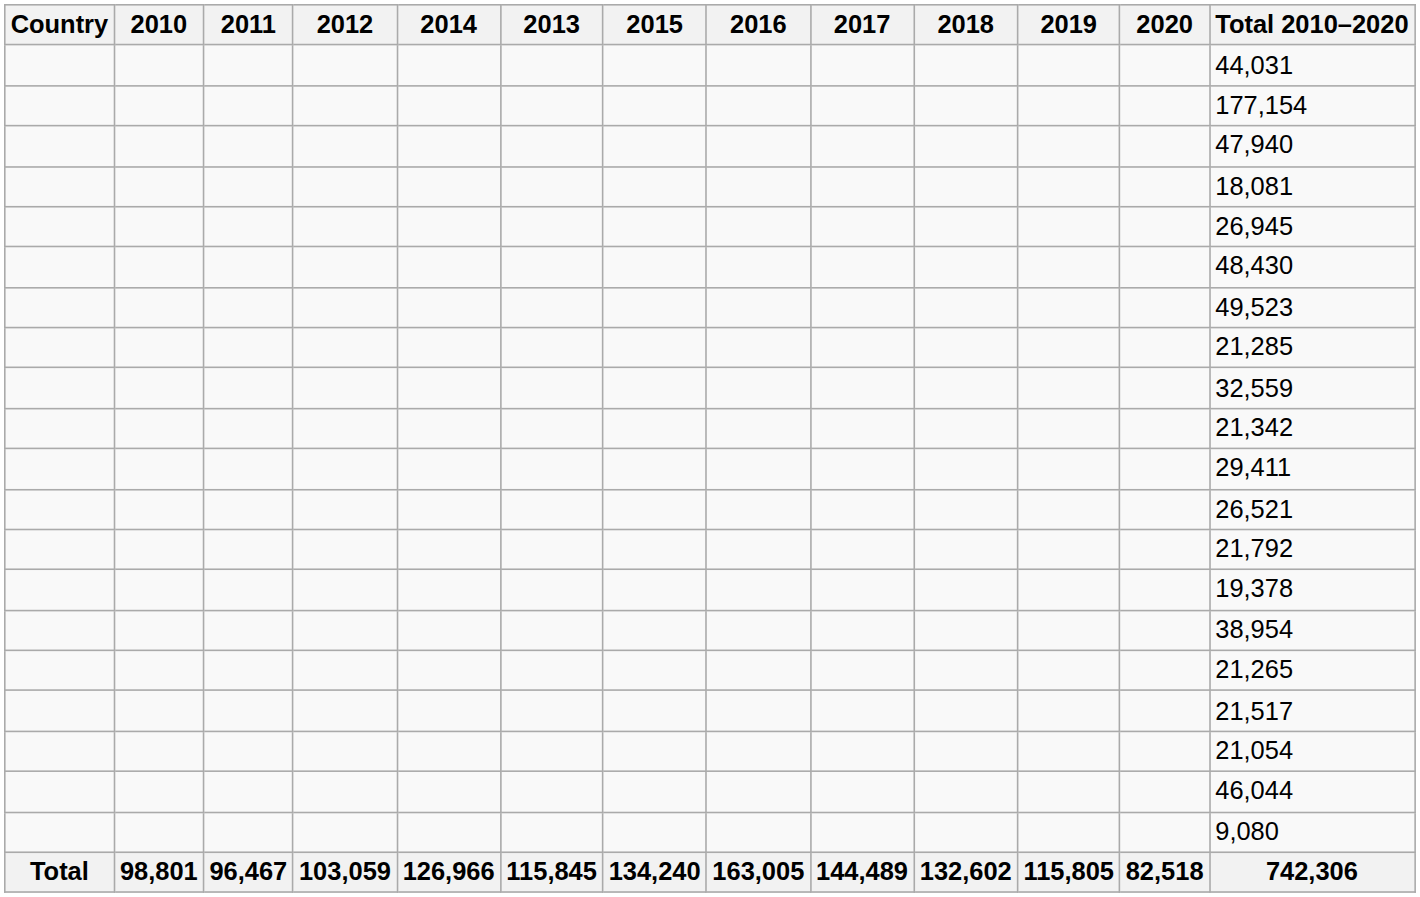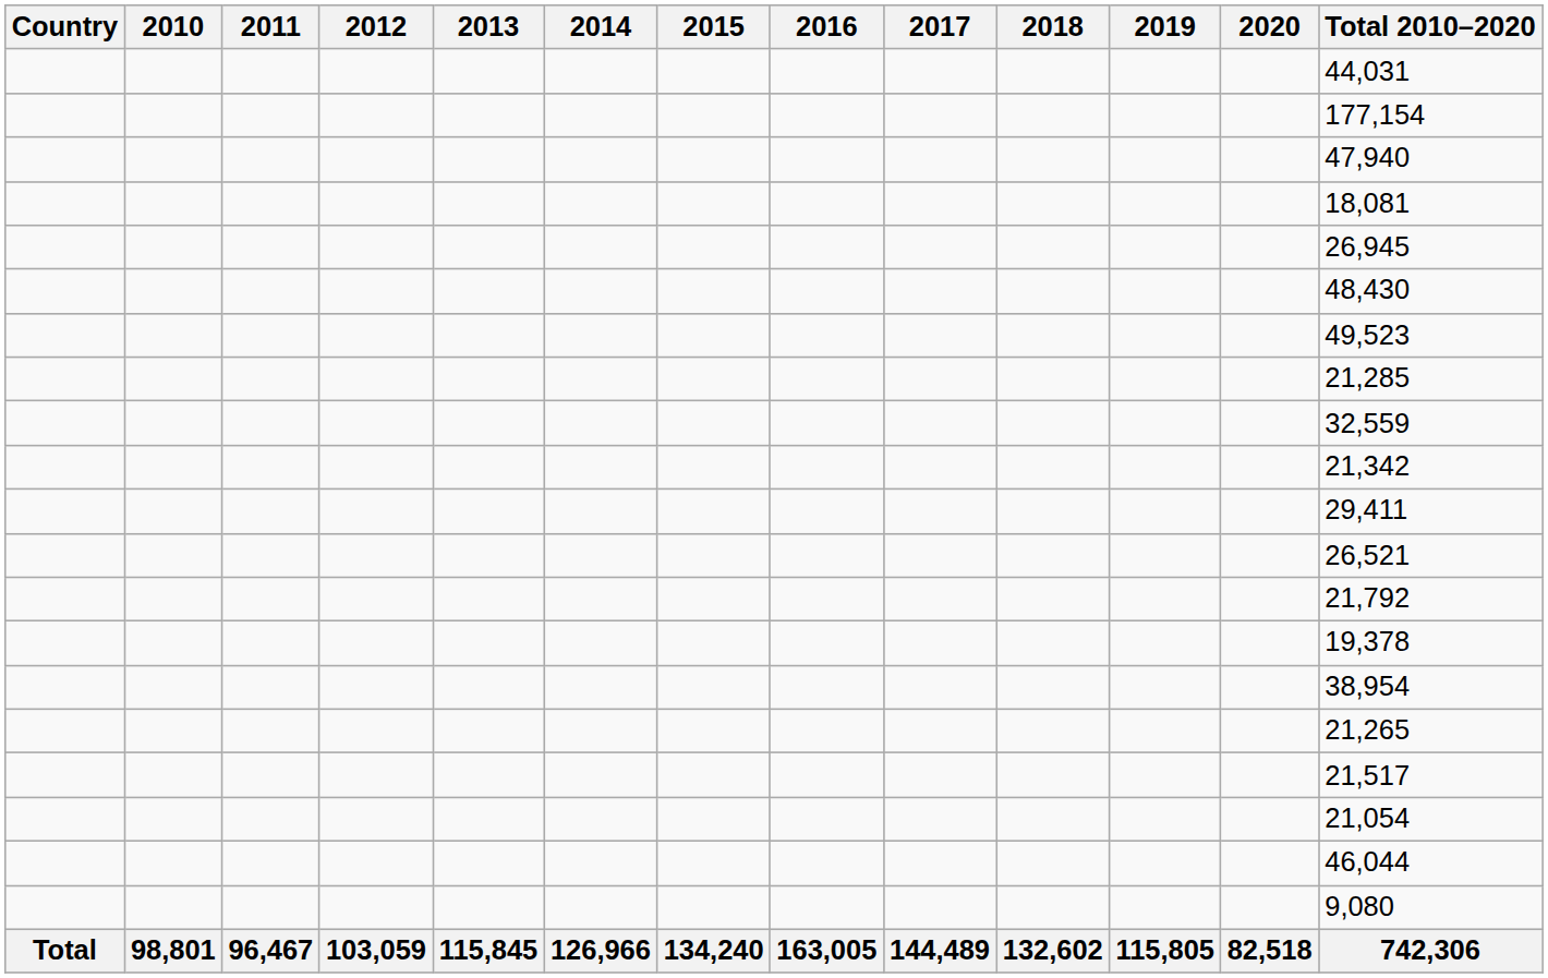 <table class="nowrap sortable mw-datatable wikitable sortable">
 <tr>
 <th>Country</th>
 <th>2010</th>
 <th>2011</th>
 <th>2012</th>
+<th>2013</th>
 <th>2014</th>
-<th>2013</th>
 <th>2015</th>
 <th>2016</th>
 <th>2017</th>
 <th>2018</th>
 <th>2019</th>
 <th>2020</th>
 <th>Total 2010–2020</th>
 </tr>
 <tr>
 <td></td>
 <td style="text-align:right;"></td>
 <td style="text-align:right;"></td>
 <td style="text-align:right;"></td>
 <td style="text-align:right;"></td>
 <td style="text-align:right;"></td>
 <td style="text-align:right;"></td>
 <td style="text-align:right;"></td>
 <td style="text-align:right;"></td>
 <td style="text-align:right;"></td>
 <td style="text-align:right;"></td>
 <td style="text-align:right;"></td>
 <td>44,031</td>
 </tr>
 <tr>
 <td></td>
 <td style="text-align:right;"></td>
 <td style="text-align:right;"></td>
 <td style="text-align:right;"></td>
 <td style="text-align:right;"></td>
 <td style="text-align:right;"></td>
 <td style="text-align:right;"></td>
 <td style="text-align:right;"></td>
 <td style="text-align:right;"></td>
 <td style="text-align:right;"></td>
 <td style="text-align:right;"></td>
 <td style="text-align:right;"></td>
 <td>177,154</td>
 </tr>
 <tr>
 <td></td>
 <td style="text-align:right;"></td>
 <td style="text-align:right;"></td>
 <td style="text-align:right;"></td>
 <td style="text-align:right;"></td>
 <td style="text-align:right;"></td>
 <td style="text-align:right;"></td>
 <td style="text-align:right;"></td>
 <td style="text-align:right;"></td>
 <td style="text-align:right;"></td>
 <td style="text-align:right;"></td>
 <td style="text-align:right;"></td>
 <td>47,940</td>
 </tr>
 <tr>
 <td></td>
 <td style="text-align:right;"></td>
 <td style="text-align:right;"></td>
 <td style="text-align:right;"></td>
 <td style="text-align:right;"></td>
 <td style="text-align:right;"></td>
 <td style="text-align:right;"></td>
 <td style="text-align:right;"></td>
 <td style="text-align:right;"></td>
 <td style="text-align:right;"></td>
 <td style="text-align:right;"></td>
 <td style="text-align:right;"></td>
 <td>18,081</td>
 </tr>
 <tr>
 <td></td>
 <td style="text-align:right;"></td>
 <td style="text-align:right;"></td>
 <td style="text-align:right;"></td>
 <td style="text-align:right;"></td>
 <td style="text-align:right;"></td>
 <td style="text-align:right;"></td>
 <td style="text-align:right;"></td>
 <td style="text-align:right;"></td>
 <td style="text-align:right;"></td>
 <td style="text-align:right;"></td>
 <td style="text-align:right;"></td>
 <td>26,945</td>
 </tr>
 <tr>
 <td></td>
 <td style="text-align:right;"></td>
 <td style="text-align:right;"></td>
 <td style="text-align:right;"></td>
 <td style="text-align:right;"></td>
 <td style="text-align:right;"></td>
 <td style="text-align:right;"></td>
 <td style="text-align:right;"></td>
 <td style="text-align:right;"></td>
 <td style="text-align:right;"></td>
 <td style="text-align:right;"></td>
 <td style="text-align:right;"></td>
 <td>48,430</td>
 </tr>
 <tr>
 <td></td>
 <td style="text-align:right;"></td>
 <td style="text-align:right;"></td>
 <td style="text-align:right;"></td>
 <td style="text-align:right;"></td>
 <td style="text-align:right;"></td>
 <td style="text-align:right;"></td>
 <td style="text-align:right;"></td>
 <td style="text-align:right;"></td>
 <td style="text-align:right;"></td>
 <td style="text-align:right;"></td>
 <td style="text-align:right;"></td>
 <td>49,523</td>
 </tr>
 <tr>
 <td></td>
 <td style="text-align:right;"></td>
 <td style="text-align:right;"></td>
 <td style="text-align:right;"></td>
 <td style="text-align:right;"></td>
 <td style="text-align:right;"></td>
 <td style="text-align:right;"></td>
 <td style="text-align:right;"></td>
 <td style="text-align:right;"></td>
 <td style="text-align:right;"></td>
 <td style="text-align:right;"></td>
 <td style="text-align:right;"></td>
 <td>21,285</td>
 </tr>
 <tr>
 <td></td>
 <td style="text-align:right;"></td>
 <td style="text-align:right;"></td>
 <td style="text-align:right;"></td>
 <td style="text-align:right;"></td>
 <td style="text-align:right;"></td>
 <td style="text-align:right;"></td>
 <td style="text-align:right;"></td>
 <td style="text-align:right;"></td>
 <td style="text-align:right;"></td>
 <td style="text-align:right;"></td>
 <td style="text-align:right;"></td>
 <td>32,559</td>
 </tr>
 <tr>
 <td></td>
 <td style="text-align:right;"></td>
 <td style="text-align:right;"></td>
 <td style="text-align:right;"></td>
 <td style="text-align:right;"></td>
 <td style="text-align:right;"></td>
 <td style="text-align:right;"></td>
 <td style="text-align:right;"></td>
 <td style="text-align:right;"></td>
 <td style="text-align:right;"></td>
 <td style="text-align:right;"></td>
 <td style="text-align:right;"></td>
 <td>21,342</td>
 </tr>
 <tr>
 <td></td>
 <td style="text-align:right;"></td>
 <td style="text-align:right;"></td>
 <td style="text-align:right;"></td>
 <td style="text-align:right;"></td>
 <td style="text-align:right;"></td>
 <td style="text-align:right;"></td>
 <td style="text-align:right;"></td>
 <td style="text-align:right;"></td>
 <td style="text-align:right;"></td>
 <td style="text-align:right;"></td>
 <td style="text-align:right;"></td>
 <td>29,411</td>
 </tr>
 <tr>
 <td></td>
 <td style="text-align:right;"></td>
 <td style="text-align:right;"></td>
 <td style="text-align:right;"></td>
 <td style="text-align:right;"></td>
 <td style="text-align:right;"></td>
 <td style="text-align:right;"></td>
 <td style="text-align:right;"></td>
 <td style="text-align:right;"></td>
 <td style="text-align:right;"></td>
 <td style="text-align:right;"></td>
 <td style="text-align:right;"></td>
 <td>26,521</td>
 </tr>
 <tr>
 <td></td>
 <td style="text-align:right;"></td>
 <td style="text-align:right;"></td>
 <td style="text-align:right;"></td>
 <td style="text-align:right;"></td>
 <td style="text-align:right;"></td>
 <td style="text-align:right;"></td>
 <td style="text-align:right;"></td>
 <td style="text-align:right;"></td>
 <td style="text-align:right;"></td>
 <td style="text-align:right;"></td>
 <td style="text-align:right;"></td>
 <td>21,792</td>
 </tr>
 <tr>
 <td></td>
 <td style="text-align:right;"></td>
 <td style="text-align:right;"></td>
 <td style="text-align:right;"></td>
 <td style="text-align:right;"></td>
 <td style="text-align:right;"></td>
 <td style="text-align:right;"></td>
 <td style="text-align:right;"></td>
 <td style="text-align:right;"></td>
 <td style="text-align:right;"></td>
 <td style="text-align:right;"></td>
 <td style="text-align:right;"></td>
 <td>19,378</td>
 </tr>
 <tr>
 <td></td>
 <td style="text-align:right;"></td>
 <td style="text-align:right;"></td>
 <td style="text-align:right;"></td>
 <td style="text-align:right;"></td>
 <td style="text-align:right;"></td>
 <td style="text-align:right;"></td>
 <td style="text-align:right;"></td>
 <td style="text-align:right;"></td>
 <td style="text-align:right;"></td>
 <td style="text-align:right;"></td>
 <td style="text-align:right;"></td>
 <td>38,954</td>
 </tr>
 <tr>
 <td></td>
 <td style="text-align:right;"></td>
 <td style="text-align:right;"></td>
 <td style="text-align:right;"></td>
 <td style="text-align:right;"></td>
 <td style="text-align:right;"></td>
 <td style="text-align:right;"></td>
 <td style="text-align:right;"></td>
 <td style="text-align:right;"></td>
 <td style="text-align:right;"></td>
 <td style="text-align:right;"></td>
 <td style="text-align:right;"></td>
 <td>21,265</td>
 </tr>
 <tr>
 <td></td>
 <td style="text-align:right;"></td>
 <td style="text-align:right;"></td>
 <td style="text-align:right;"></td>
 <td style="text-align:right;"></td>
 <td style="text-align:right;"></td>
 <td style="text-align:right;"></td>
 <td style="text-align:right;"></td>
 <td style="text-align:right;"></td>
 <td style="text-align:right;"></td>
 <td style="text-align:right;"></td>
 <td style="text-align:right;"></td>
 <td>21,517</td>
 </tr>
 <tr>
 <td></td>
 <td style="text-align:right;"></td>
 <td style="text-align:right;"></td>
 <td style="text-align:right;"></td>
 <td style="text-align:right;"></td>
 <td style="text-align:right;"></td>
 <td style="text-align:right;"></td>
 <td style="text-align:right;"></td>
 <td style="text-align:right;"></td>
 <td style="text-align:right;"></td>
 <td style="text-align:right;"></td>
 <td style="text-align:right;"></td>
 <td>21,054</td>
 </tr>
 <tr>
 <td></td>
 <td style="text-align:right;"></td>
 <td style="text-align:right;"></td>
 <td style="text-align:right;"></td>
 <td style="text-align:right;"></td>
 <td style="text-align:right;"></td>
 <td style="text-align:right;"></td>
 <td style="text-align:right;"></td>
 <td style="text-align:right;"></td>
 <td style="text-align:right;"></td>
 <td style="text-align:right;"></td>
 <td style="text-align:right;"></td>
 <td>46,044</td>
 </tr>
 <tr>
 <td></td>
 <td style="text-align:right;"></td>
 <td style="text-align:right;"></td>
 <td style="text-align:right;"></td>
 <td style="text-align:right;"></td>
 <td style="text-align:right;"></td>
 <td style="text-align:right;"></td>
 <td style="text-align:right;"></td>
 <td style="text-align:right;"></td>
 <td style="text-align:right;"></td>
 <td style="text-align:right;"></td>
 <td style="text-align:right;"></td>
 <td>9,080</td>
 </tr>
 <tr>
 <th><strong>Total</strong></th>
 <th><strong>98,801</strong></th>
 <th><strong>96,467</strong></th>
 <th><strong>103,059</strong></th>
+<th><strong>115,845</strong></th>
 <th><strong>126,966</strong></th>
-<th><strong>115,845</strong></th>
 <th><strong>134,240</strong></th>
 <th><strong>163,005</strong></th>
 <th><strong>144,489</strong></th>
 <th><strong>132,602</strong></th>
 <th><strong>115,805</strong></th>
 <th><strong>82,518</strong></th>
 <th>742,306</th>
 </tr>
 </table>
